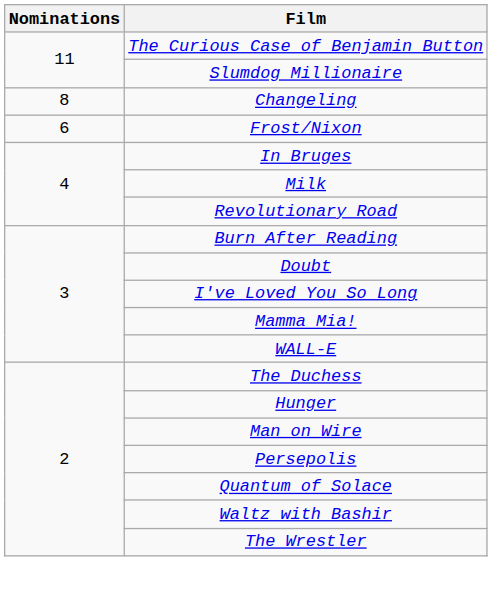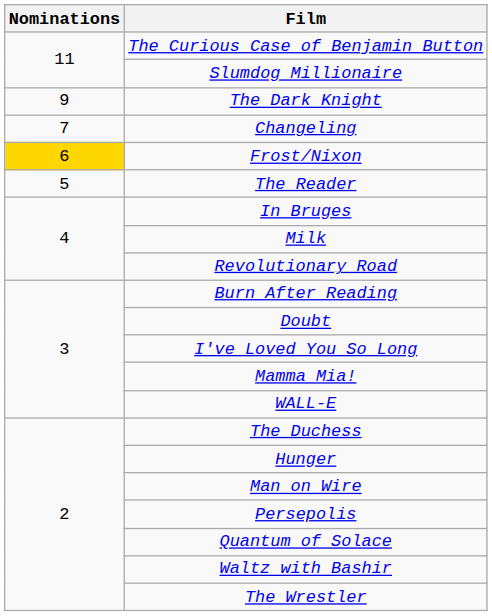 <table class="wikitable" style="text-align:center;">
 <tr>
 <th style="background:">Nominations</th>
 <th style="background:">Film</th>
 </tr>
 <tr>
 <td rowspan="2">11</td>
 <td><em><a href='#'>The Curious Case of Benjamin Button</a></em></td>
 </tr>
 <tr>
 <td><em><a href='#'>Slumdog Millionaire</a></em></td>
 </tr>
 <tr>
-<td>8</td>
+<td>9</td>
+<td><em><a href='#'>The Dark Knight</a></em></td>
+</tr>
+<tr>
+<td>7</td>
 <td><em><a href='#'>Changeling</a></em></td>
 </tr>
 <tr>
-<td>6</td>
+<td style="background: gold;">6</td>
 <td><em><a href='#'>Frost/Nixon</a></em></td>
+</tr>
+<tr>
+<td>5</td>
+<td><em><a href='#'>The Reader</a></em></td>
 </tr>
 <tr>
 <td rowspan="3">4</td>
 <td><em><a href='#'>In Bruges</a></em></td>
 </tr>
 <tr>
 <td><em><a href='#'>Milk</a></em></td>
 </tr>
 <tr>
 <td><em><a href='#'>Revolutionary Road</a></em></td>
 </tr>
 <tr>
 <td rowspan="5">3</td>
 <td><em><a href='#'>Burn After Reading</a></em></td>
 </tr>
 <tr>
 <td><em><a href='#'>Doubt</a></em></td>
 </tr>
 <tr>
 <td><em><a href='#'>I've Loved You So Long</a></em></td>
 </tr>
 <tr>
 <td><em><a href='#'>Mamma Mia!</a></em></td>
 </tr>
 <tr>
 <td><em><a href='#'>WALL-E</a></em></td>
 </tr>
 <tr>
 <td rowspan="7">2</td>
 <td><em><a href='#'>The Duchess</a></em></td>
 </tr>
 <tr>
 <td><em><a href='#'>Hunger</a></em></td>
 </tr>
 <tr>
 <td><em><a href='#'>Man on Wire</a></em></td>
 </tr>
 <tr>
 <td><em><a href='#'>Persepolis</a></em></td>
 </tr>
 <tr>
 <td><em><a href='#'>Quantum of Solace</a></em></td>
 </tr>
 <tr>
 <td><em><a href='#'>Waltz with Bashir</a></em></td>
 </tr>
 <tr>
 <td><em><a href='#'>The Wrestler</a></em></td>
 </tr>
 </table>
